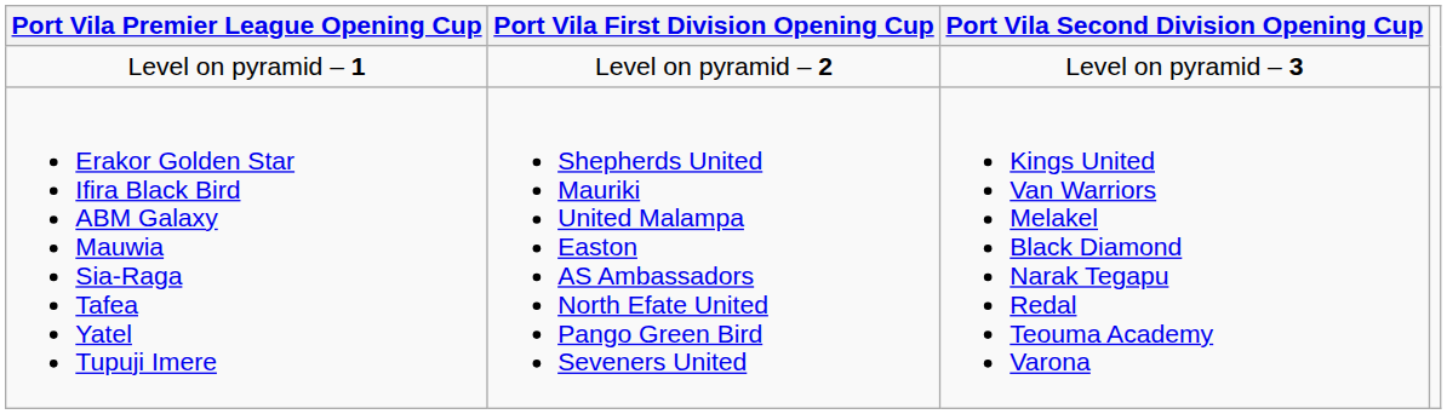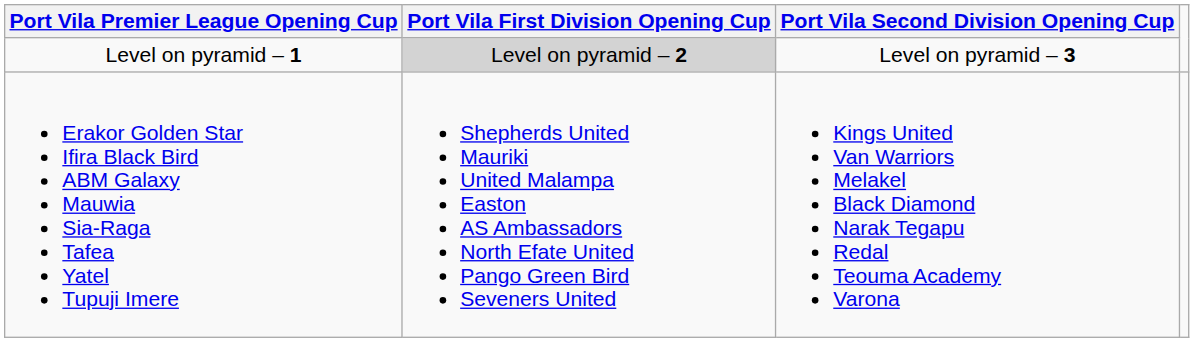 <table class="wikitable">
 <tr>
 <th><a href='#'>Port Vila Premier League Opening Cup</a></th>
 <th><a href='#'>Port Vila First Division Opening Cup</a></th>
 <th><a href='#'>Port Vila Second Division Opening Cup</a></th>
 </tr>
 <tr>
 <td style="text-align:center;">Level on pyramid – <strong>1</strong></td>
-<td style="text-align:center;">Level on pyramid – <strong>2</strong></td>
+<td style="background: lightgrey; text-align:center;">Level on pyramid – <strong>2</strong></td>
 <td style="text-align:center;">Level on pyramid – <strong>3</strong></td>
 </tr>
 <tr>
 <td><br><ul><li><a href='#'>Erakor Golden Star</a></li><li><a href='#'>Ifira Black Bird</a></li><li><a href='#'>ABM Galaxy</a></li><li><a href='#'>Mauwia</a></li><li><a href='#'>Sia-Raga</a></li><li><a href='#'>Tafea</a></li><li><a href='#'>Yatel</a></li><li><a href='#'>Tupuji Imere</a></li></ul></td>
 <td><br><ul><li><a href='#'>Shepherds United</a></li><li><a href='#'>Mauriki</a></li><li><a href='#'>United Malampa</a></li><li><a href='#'>Easton</a></li><li><a href='#'>AS Ambassadors</a></li><li><a href='#'>North Efate United</a></li><li><a href='#'>Pango Green Bird</a></li><li><a href='#'>Seveners United</a></li></ul></td>
 <td><br><ul><li><a href='#'>Kings United</a></li><li><a href='#'>Van Warriors</a></li><li><a href='#'>Melakel</a></li><li><a href='#'>Black Diamond</a></li><li><a href='#'>Narak Tegapu</a></li><li><a href='#'>Redal</a></li><li><a href='#'>Teouma Academy</a></li><li><a href='#'>Varona</a></li></ul></td>
 <td></td>
 </tr>
 </table>
